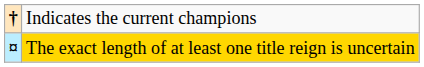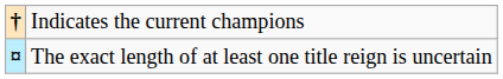 <table class="wikitable">
 <tr>
 <th style="background: #ffe6bd">†</th>
 <td>Indicates the current champions</td>
 </tr>
 <tr>
 <th style="background-color:#bbeeff">¤</th>
-<td style="background: gold;">The exact length of at least one title reign is uncertain</td>
+<td>The exact length of at least one title reign is uncertain</td>
 </tr>
 </table>
